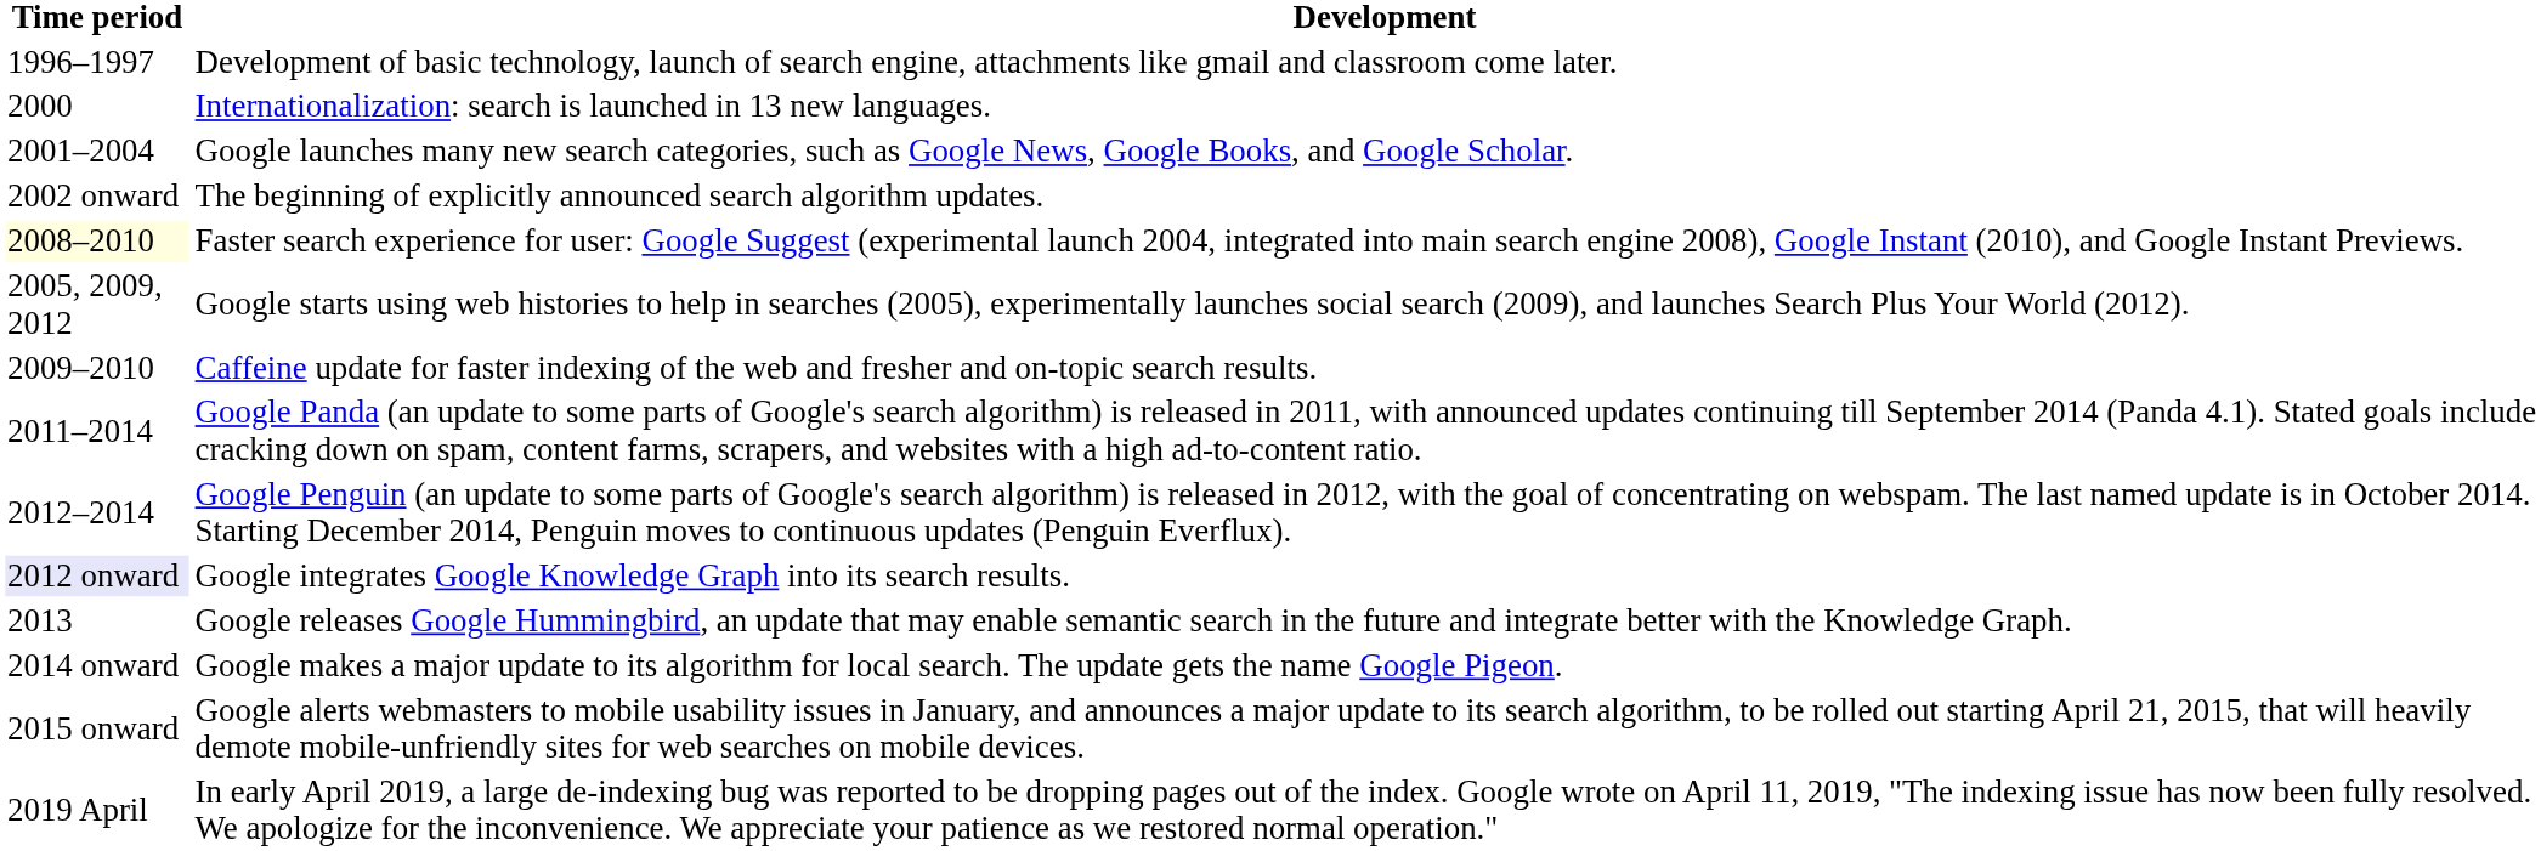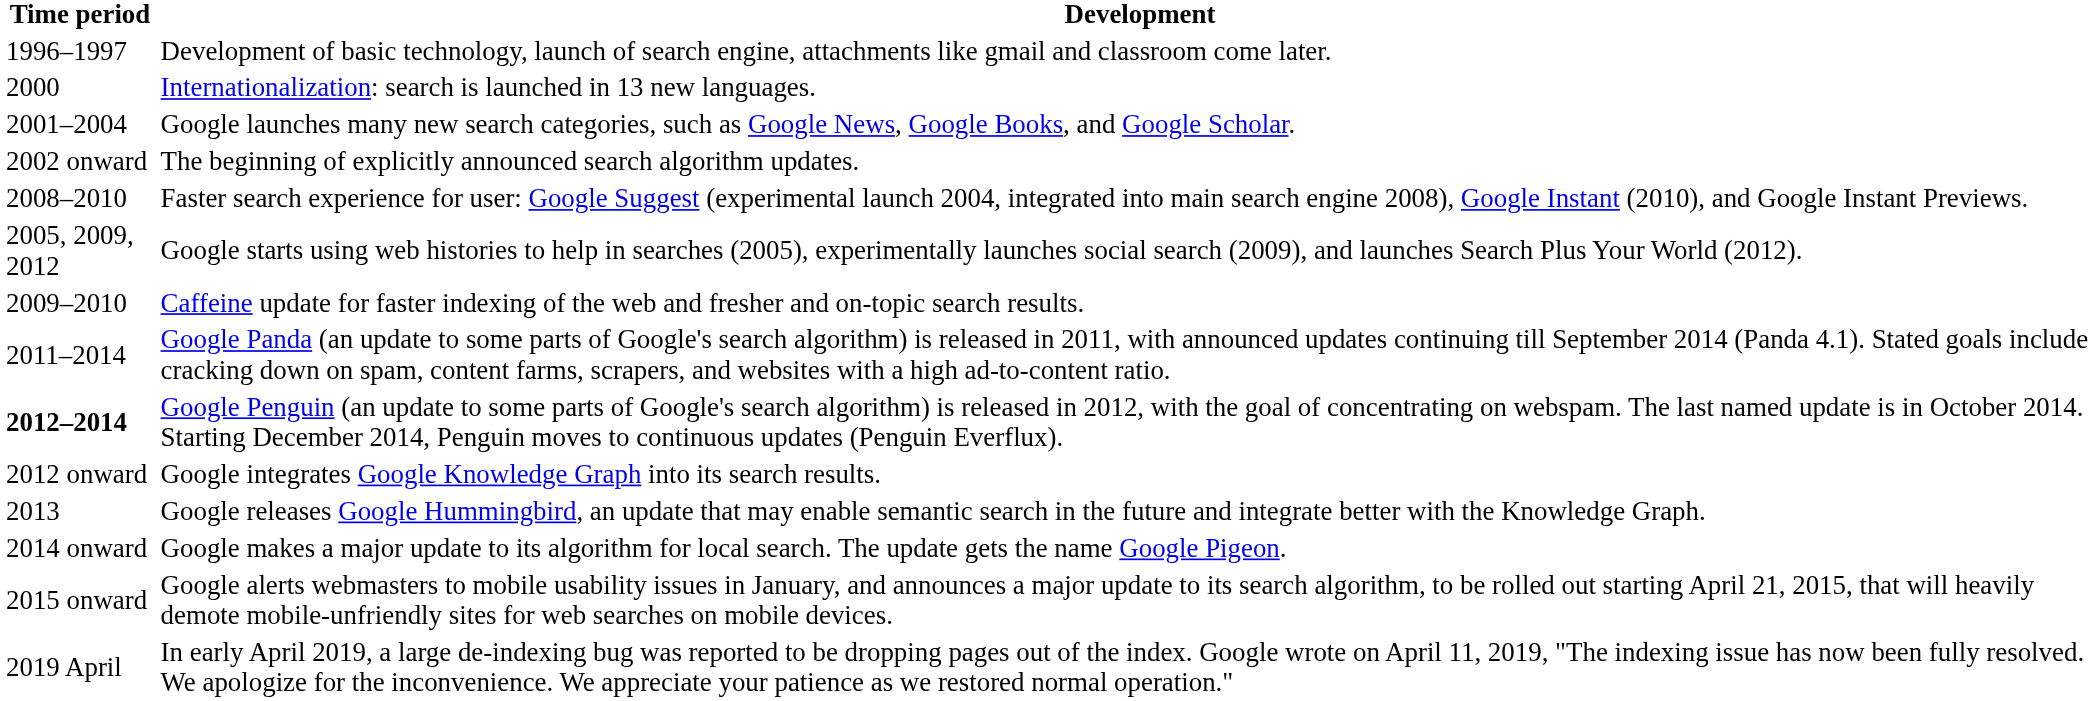 <table class="wikitable, sort-able">
 <tr>
 <th>Time period</th>
 <th>Development</th>
 </tr>
 <tr>
 <td>1996–1997</td>
 <td>Development of basic technology, launch of search engine, attachments like gmail and classroom come later.</td>
 </tr>
 <tr>
 <td>2000</td>
 <td><a href='#'>Internationalization</a>: search is launched in 13 new languages.</td>
 </tr>
 <tr>
 <td>2001–2004</td>
 <td>Google launches many new search categories, such as <a href='#'>Google News</a>, <a href='#'>Google Books</a>, and <a href='#'>Google Scholar</a>.</td>
 </tr>
 <tr>
 <td>2002 onward</td>
 <td>The beginning of explicitly announced search algorithm updates.</td>
 </tr>
 <tr>
-<td style="background: lightyellow;">2008–2010</td>
+<td>2008–2010</td>
 <td>Faster search experience for user: <a href='#'>Google Suggest</a> (experimental launch 2004, integrated into main search engine 2008), <a href='#'>Google Instant</a> (2010), and Google Instant Previews.</td>
 </tr>
 <tr>
 <td>2005, 2009, 2012</td>
 <td>Google starts using web histories to help in searches (2005), experimentally launches social search (2009), and launches Search Plus Your World (2012).</td>
 </tr>
 <tr>
 <td>2009–2010</td>
 <td><a href='#'>Caffeine</a> update for faster indexing of the web and fresher and on-topic search results.</td>
 </tr>
 <tr>
 <td>2011–2014</td>
 <td><a href='#'>Google Panda</a> (an update to some parts of Google's search algorithm) is released in 2011, with announced updates continuing till September 2014 (Panda 4.1). Stated goals include cracking down on spam, content farms, scrapers, and websites with a high ad-to-content ratio.</td>
 </tr>
 <tr>
-<td>2012–2014</td>
+<td><strong>2012–2014</strong></td>
 <td><a href='#'>Google Penguin</a> (an update to some parts of Google's search algorithm) is released in 2012, with the goal of concentrating on webspam. The last named update is in October 2014. Starting December 2014, Penguin moves to continuous updates (Penguin Everflux).</td>
 </tr>
 <tr>
-<td style="background: lavender;">2012 onward</td>
+<td>2012 onward</td>
 <td>Google integrates <a href='#'>Google Knowledge Graph</a> into its search results.</td>
 </tr>
 <tr>
 <td>2013</td>
 <td>Google releases <a href='#'>Google Hummingbird</a>, an update that may enable semantic search in the future and integrate better with the Knowledge Graph.</td>
 </tr>
 <tr>
 <td>2014 onward</td>
 <td>Google makes a major update to its algorithm for local search. The update gets the name <a href='#'>Google Pigeon</a>.</td>
 </tr>
 <tr>
 <td>2015 onward</td>
 <td>Google alerts webmasters to mobile usability issues in January, and announces a major update to its search algorithm, to be rolled out starting April 21, 2015, that will heavily demote mobile-unfriendly sites for web searches on mobile devices.</td>
 </tr>
 <tr>
 <td>2019 April</td>
 <td>In early April 2019, a large de-indexing bug was reported to be dropping pages out of the index. Google wrote on April 11, 2019, "The indexing issue has now been fully resolved. We apologize for the inconvenience. We appreciate your patience as we restored normal operation."</td>
 </tr>
 </table>
